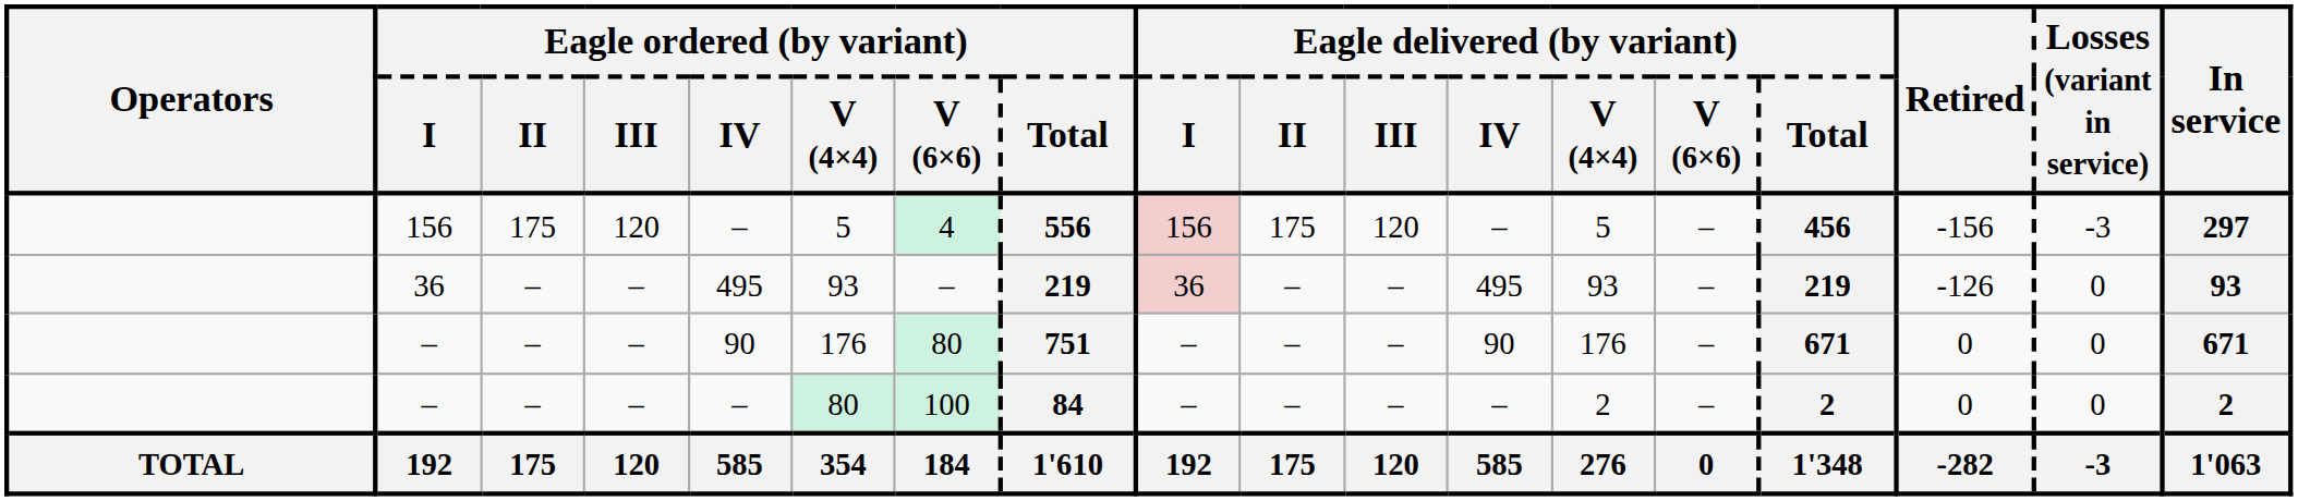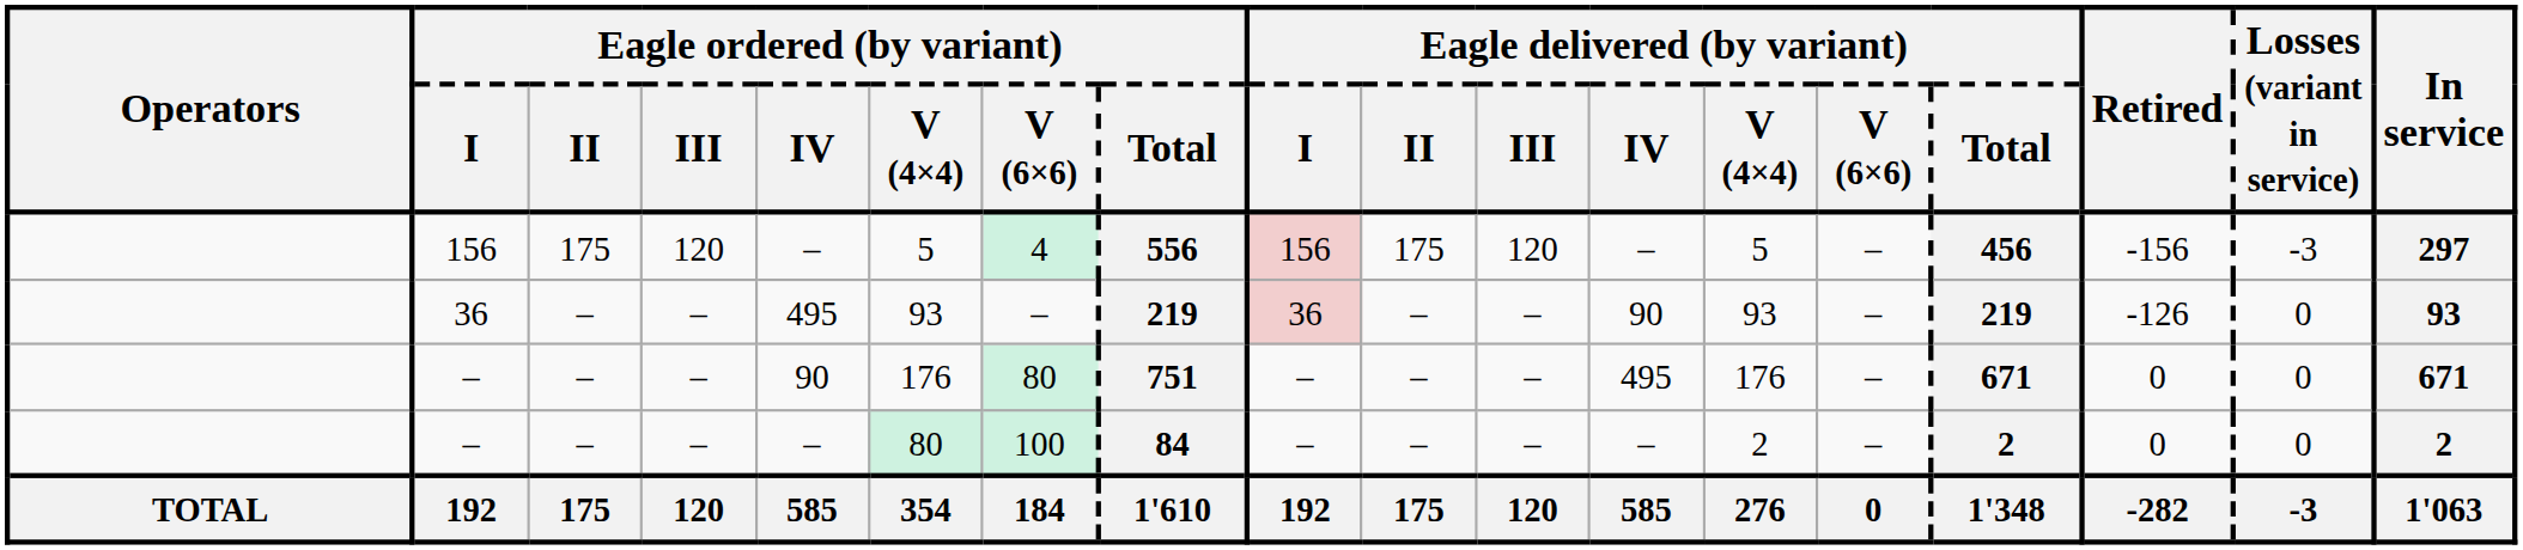 <table class="wikitable">
 <tr>
 <th rowspan="2" style="width: 150px;border-right:solid 2px black;border-left:solid 2px black;border-top:solid 2px black;border-bottom:solid 2px black" ;>Operators</th>
 <th colspan="7" style="border-right:solid 2px black;border-top:solid 2px black" ;>Eagle ordered (by variant)</th>
 <th colspan="7" style="border-right:solid 2px black;border-top:solid 2px black" ;>Eagle delivered (by variant)</th>
 <th rowspan="2" style="border-right:dashed 2px black;border-top:solid 2px black;border-bottom:solid 2px black" ;>Retired</th>
 <th rowspan="2" style="border-right:solid 2px black;border-top:solid 2px black;border-bottom:solid 2px black" ;>Losses<br><small>(variant in service)</small></th>
 <th rowspan="2" style="border-right:solid 2px black;border-top:solid 2px black;border-bottom:solid 2px black" ;>In service</th>
 </tr>
 <tr>
 <th style="width: 37px;border-top:dashed 2px black;border-bottom:solid 2px black">I</th>
 <th style="width: 37px;border-top:dashed 2px black;border-bottom:solid 2px black">II</th>
 <th style="width: 37px;border-top:dashed 2px black;border-bottom:solid 2px black">III</th>
 <th style="width: 37px;border-top:dashed 2px black;border-bottom:solid 2px black">IV</th>
 <th style="width: 37px;border-top:dashed 2px black;border-bottom:solid 2px black">V<br><small>(4×4)</small></th>
 <th style="width: 37px;border-top:dashed 2px black;border-bottom:solid 2px black">V<br><small>(6×6)</small></th>
 <th style="width: 50px;border-top:dashed 2px black;border-left:dashed 2px black;border-right:solid 2px black;border-bottom:solid 2px black">Total</th>
 <th style="width: 37px;border-top:dashed 2px black;border-bottom:solid 2px black">I</th>
 <th style="width: 37px;border-top:dashed 2px black;border-bottom:solid 2px black">II</th>
 <th style="width: 37px;border-top:dashed 2px black;border-bottom:solid 2px black">III</th>
 <th style="width: 37px;border-top:dashed 2px black;border-bottom:solid 2px black">IV</th>
 <th style="width: 37px;border-top:dashed 2px black;border-bottom:solid 2px black">V<br><small>(4×4)</small></th>
 <th style="width: 37px;border-top:dashed 2px black;border-bottom:solid 2px black">V<br><small>(6×6)</small></th>
 <th style="width: 50px;border-top:dashed 2px black;border-left:dashed 2px black;border-right:solid 2px black;border-bottom:solid 2px black">Total</th>
 </tr>
 <tr>
 <td style="border-right:solid 2px black;border-left:solid 2px black"><small></small></td>
 <td align="center"><small>156</small></td>
 <td align="center"><small>175</small></td>
 <td align="center"><small>120</small></td>
 <td align="center"><small>–</small></td>
 <td align="center"><small>5</small></td>
 <td style="background:#CEF2E0" align="center"><small>4</small></td>
 <th style="width: 35px;border-left:dashed 2px black;border-right:solid 2px black" align="center"><small>556</small></th>
 <td align="center" style="background: #F2CECE;"><small>156</small></td>
 <td align="center"><small>175</small></td>
 <td align="center"><small>120</small></td>
 <td align="center"><small>–</small></td>
 <td align="center"><small>5</small></td>
 <td align="center"><small>–</small></td>
 <th style="width: 35px;border-left:dashed 2px black;border-right:solid 2px black" align="center"><small>456</small></th>
 <td style="width: 35px;border-right:dashed 2px black" align="center"><small>-156</small></td>
 <td style="width: 35px;border-right:solid 2px black" align="center"><small>-3</small></td>
 <th style="width: 35px;border-right:solid 2px black" align="center"><small>297</small></th>
 </tr>
 <tr>
 <td style="border-right:solid 2px black;border-left:solid 2px black"><small></small></td>
 <td align="center"><small>36</small></td>
 <td align="center"><small>–</small></td>
 <td align="center"><small>–</small></td>
 <td align="center"><small>495</small></td>
 <td align="center"><small>93</small></td>
 <td align="center"><small>–</small></td>
 <th style="width: 35px;border-left:dashed 2px black;border-right:solid 2px black" align="center"><small>219</small></th>
 <td style="background: #F2CECE;" align="center"><small>36</small></td>
 <td align="center"><small>–</small></td>
 <td align="center"><small>–</small></td>
-<td align="center"><small>495</small></td>
+<td align="center"><small>90</small></td>
 <td align="center"><small>93</small></td>
 <td align="center"><small>–</small></td>
 <th style="width: 35px;border-left:dashed 2px black;border-right:solid 2px black" align="center"><small>219</small></th>
 <td style="width: 35px;border-right:dashed 2px black" align="center"><small>-126</small></td>
 <td style="width: 35px;border-right:solid 2px black" align="center"><small>0</small></td>
 <th style="width: 35px;border-right:solid 2px black" align="center"><small>93</small></th>
 </tr>
 <tr>
 <td style="border-right:solid 2px black;border-left:solid 2px black"><small></small></td>
 <td align="center"><small>–</small></td>
 <td align="center"><small>–</small></td>
 <td align="center"><small>–</small></td>
 <td align="center"><small>90</small></td>
 <td align="center"><small>176</small></td>
 <td style="background:#CEF2E0" align="center"><small>80</small></td>
 <th style="width: 35px;border-left:dashed 2px black;border-right:solid 2px black" align="center"><small>751</small></th>
 <td align="center"><small>–</small></td>
 <td align="center"><small>–</small></td>
 <td align="center"><small>–</small></td>
-<td align="center"><small>90</small></td>
+<td align="center"><small>495</small></td>
 <td align="center"><small>176</small></td>
 <td align="center"><small>–</small></td>
 <th style="width: 35px;border-left:dashed 2px black;border-right:solid 2px black" align="center"><small>671</small></th>
 <td style="width: 35px;border-right:dashed 2px black" align="center"><small>0</small></td>
 <td style="width: 35px;border-right:solid 2px black" align="center"><small>0</small></td>
 <th style="width: 35px;border-right:solid 2px black" align="center"><small>671</small></th>
 </tr>
 <tr>
 <td style="border-right:solid 2px black;border-left:solid 2px black"><small></small></td>
 <td align="center"><small>–</small></td>
 <td align="center"><small>–</small></td>
 <td align="center"><small>–</small></td>
 <td align="center"><small>–</small></td>
 <td style="background:#CEF2E0" align="center"><small>80</small></td>
 <td style="background:#CEF2E0" align="center"><small>100</small></td>
 <th style="width: 35px;border-left:dashed 2px black;border-right:solid 2px black" align="center"><small>84</small></th>
 <td align="center"><small>–</small></td>
 <td align="center"><small>–</small></td>
 <td align="center"><small>–</small></td>
 <td align="center"><small>–</small></td>
 <td align="center"><small>2</small></td>
 <td align="center"><small>–</small></td>
 <th style="width: 35px;border-left:dashed 2px black;border-right:solid 2px black" align="center"><small>2</small></th>
 <td style="width: 35px;border-right:dashed 2px black" align="center"><small>0</small></td>
 <td style="width: 35px;border-right:solid 2px black" align="center"><small>0</small></td>
 <th style="width: 35px;border-right:solid 2px black" align="center"><small>2</small></th>
 </tr>
 <tr>
 <th style="border-right:solid 2px black;border-left:solid 2px black;border-bottom:solid 2px black;border-top:solid 2px black"><small>TOTAL</small></th>
 <th style="border-bottom:solid 2px black;border-top:solid 2px black"><small>192</small></th>
 <th style="border-bottom:solid 2px black;border-top:solid 2px black"><small>175</small></th>
 <th style="border-bottom:solid 2px black;border-top:solid 2px black"><small>120</small></th>
 <th style="border-bottom:solid 2px black;border-top:solid 2px black"><small>585</small></th>
 <th style="border-bottom:solid 2px black;border-top:solid 2px black"><small>354</small></th>
 <th style="border-bottom:solid 2px black;border-top:solid 2px black"><small>184</small></th>
 <th style="border-right:solid 2px black;border-left:dashed 2px black;border-bottom:solid 2px black;border-top:solid 2px black"><small>1'610</small></th>
 <th style="border-bottom:solid 2px black;border-top:solid 2px black"><small>192</small></th>
 <th style="border-bottom:solid 2px black;border-top:solid 2px black"><small>175</small></th>
 <th style="border-bottom:solid 2px black;border-top:solid 2px black"><small>120</small></th>
 <th style="border-bottom:solid 2px black;border-top:solid 2px black"><small>585</small></th>
 <th style="border-bottom:solid 2px black;border-top:solid 2px black"><small>276</small></th>
 <th style="border-bottom:solid 2px black;border-top:solid 2px black"><small>0</small></th>
 <th style="border-right:solid 2px black;border-left:dashed 2px black;border-bottom:solid 2px black;border-top:solid 2px black"><small>1'348</small></th>
 <th style="border-right:dashed 2px black;border-bottom:solid 2px black;border-top:solid 2px black"><small><strong>-282</strong></small></th>
 <th style="border-right:solid 2px black;border-bottom:solid 2px black;border-top:solid 2px black"><small><strong>-3</strong></small></th>
 <th style="border-right:solid 2px black;border-bottom:solid 2px black;border-top:solid 2px black"><small>1'063</small></th>
 </tr>
 </table>
